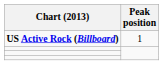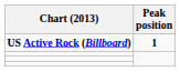 <table class="wikitable sortable">
 <tr>
 <th>Chart (2013)</th>
 <th>Peak<br>position</th>
 </tr>
 <tr>
 <td><strong>US <a href='#'>Active Rock</a> (<em><a href='#'>Billboard</a></em>)</strong></td>
-<td style="text-align:center;">1</td>
+<td style="text-align:center;"><strong>1</strong></td>
 </tr>
 <tr>
 <td></td>
 </tr>
 <tr>
 <td></td>
 </tr>
 <tr>
 <td></td>
 </tr>
 </table>
